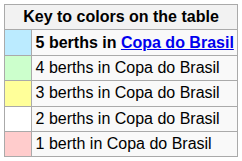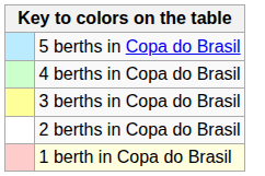 <table class="wikitable" style="text-align: center;">
 <tr>
 <th colspan=2>Key to colors on the table</th>
 </tr>
 <tr>
 <td bgcolor=#bbebff style="width: 20px;"></td>
-<td align=left><strong>5 berths in <a href='#'>Copa do Brasil</a></strong></td>
+<td align=left>5 berths in <a href='#'>Copa do Brasil</a></td>
 </tr>
 <tr>
 <td bgcolor=#ccffcc style="width: 20px;"></td>
 <td align=left>4 berths in Copa do Brasil</td>
 </tr>
 <tr>
 <td bgcolor=#ffff99 style="width: 20px;"></td>
 <td align=left>3 berths in Copa do Brasil</td>
 </tr>
 <tr>
 <td bgcolor=#ffffff style="width: 20px;"></td>
 <td align=left>2 berths in Copa do Brasil</td>
 </tr>
 <tr>
 <td bgcolor=#ffcccc style="width: 20px;"></td>
-<td align=left>1 berth in Copa do Brasil</td>
+<td align=left style="background: lightyellow;">1 berth in Copa do Brasil</td>
 </tr>
 </table>
